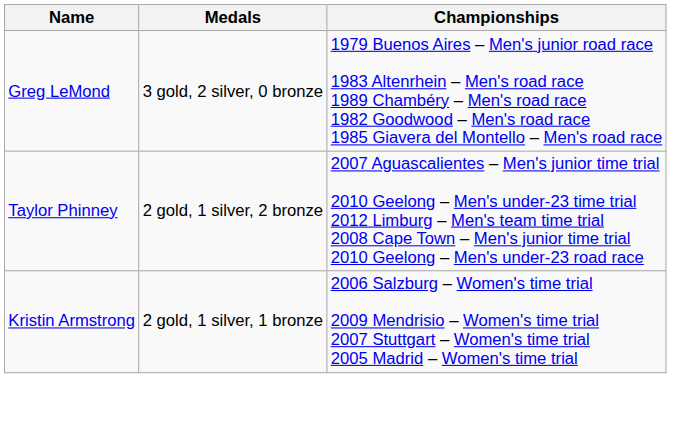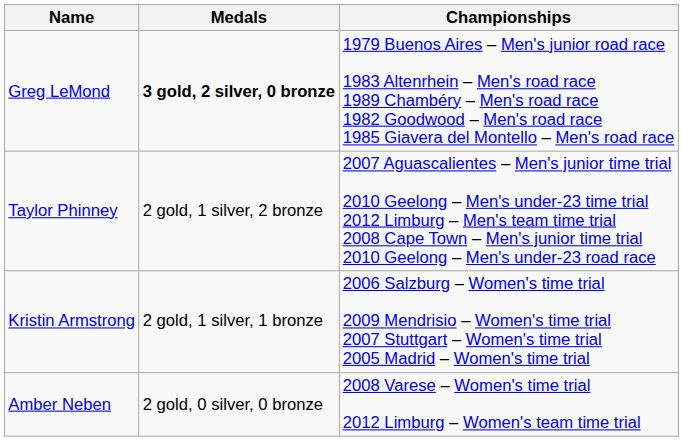 <table class="wikitable">
 <tr>
 <th>Name</th>
 <th>Medals</th>
 <th>Championships</th>
 </tr>
 <tr>
 <td><a href='#'>Greg LeMond</a></td>
-<td>3 gold, 2 silver, 0 bronze</td>
+<td><strong>3 gold, 2 silver, 0 bronze</strong></td>
 <td> <a href='#'>1979 Buenos Aires</a> – <a href='#'>Men's junior road race</a><br><br> <a href='#'>1983 Altenrhein</a> – <a href='#'>Men's road race</a><br>  <a href='#'>1989 Chambéry</a> – <a href='#'>Men's road race</a><br>  <a href='#'>1982 Goodwood</a> – <a href='#'>Men's road race</a><br>  <a href='#'>1985 Giavera del Montello</a> – <a href='#'>Men's road race</a></td>
 </tr>
 <tr>
 <td><a href='#'>Taylor Phinney</a></td>
 <td>2 gold, 1 silver, 2 bronze</td>
 <td> <a href='#'>2007 Aguascalientes</a> – <a href='#'>Men's junior time trial</a><br><br> <a href='#'>2010 Geelong</a> – <a href='#'>Men's under-23 time trial</a><br>  <a href='#'>2012 Limburg</a> – <a href='#'>Men's team time trial</a><br>  <a href='#'>2008 Cape Town</a> – <a href='#'>Men's junior time trial</a><br>  <a href='#'>2010 Geelong</a> – <a href='#'>Men's under-23 road race</a></td>
 </tr>
 <tr>
 <td><a href='#'>Kristin Armstrong</a></td>
 <td>2 gold, 1 silver, 1 bronze</td>
 <td> <a href='#'>2006 Salzburg</a> – <a href='#'>Women's time trial</a><br><br> <a href='#'>2009 Mendrisio</a> – <a href='#'>Women's time trial</a><br>  <a href='#'>2007 Stuttgart</a> – <a href='#'>Women's time trial</a><br>  <a href='#'>2005 Madrid</a> – <a href='#'>Women's time trial</a></td>
 </tr>
+<tr>
+<td><a href='#'>Amber Neben</a></td>
+<td>2 gold, 0 silver, 0 bronze</td>
+<td> <a href='#'>2008 Varese</a> – <a href='#'>Women's time trial</a><br><br> <a href='#'>2012 Limburg</a> – <a href='#'>Women's team time trial</a><br></td>
+</tr>
 </table>
